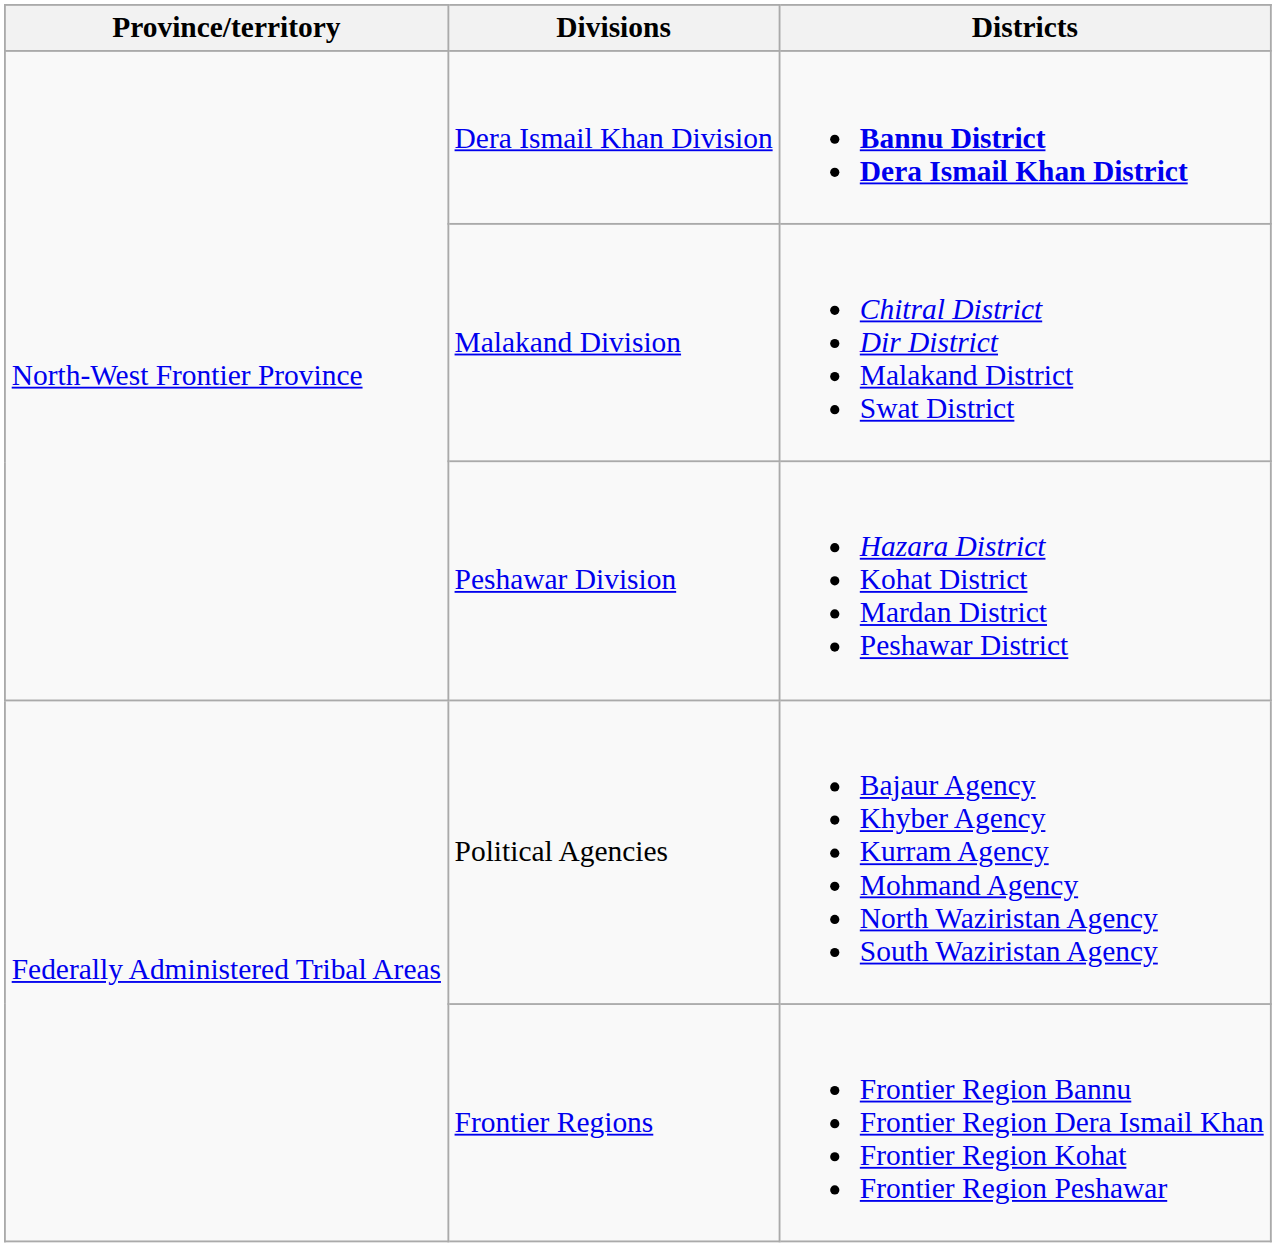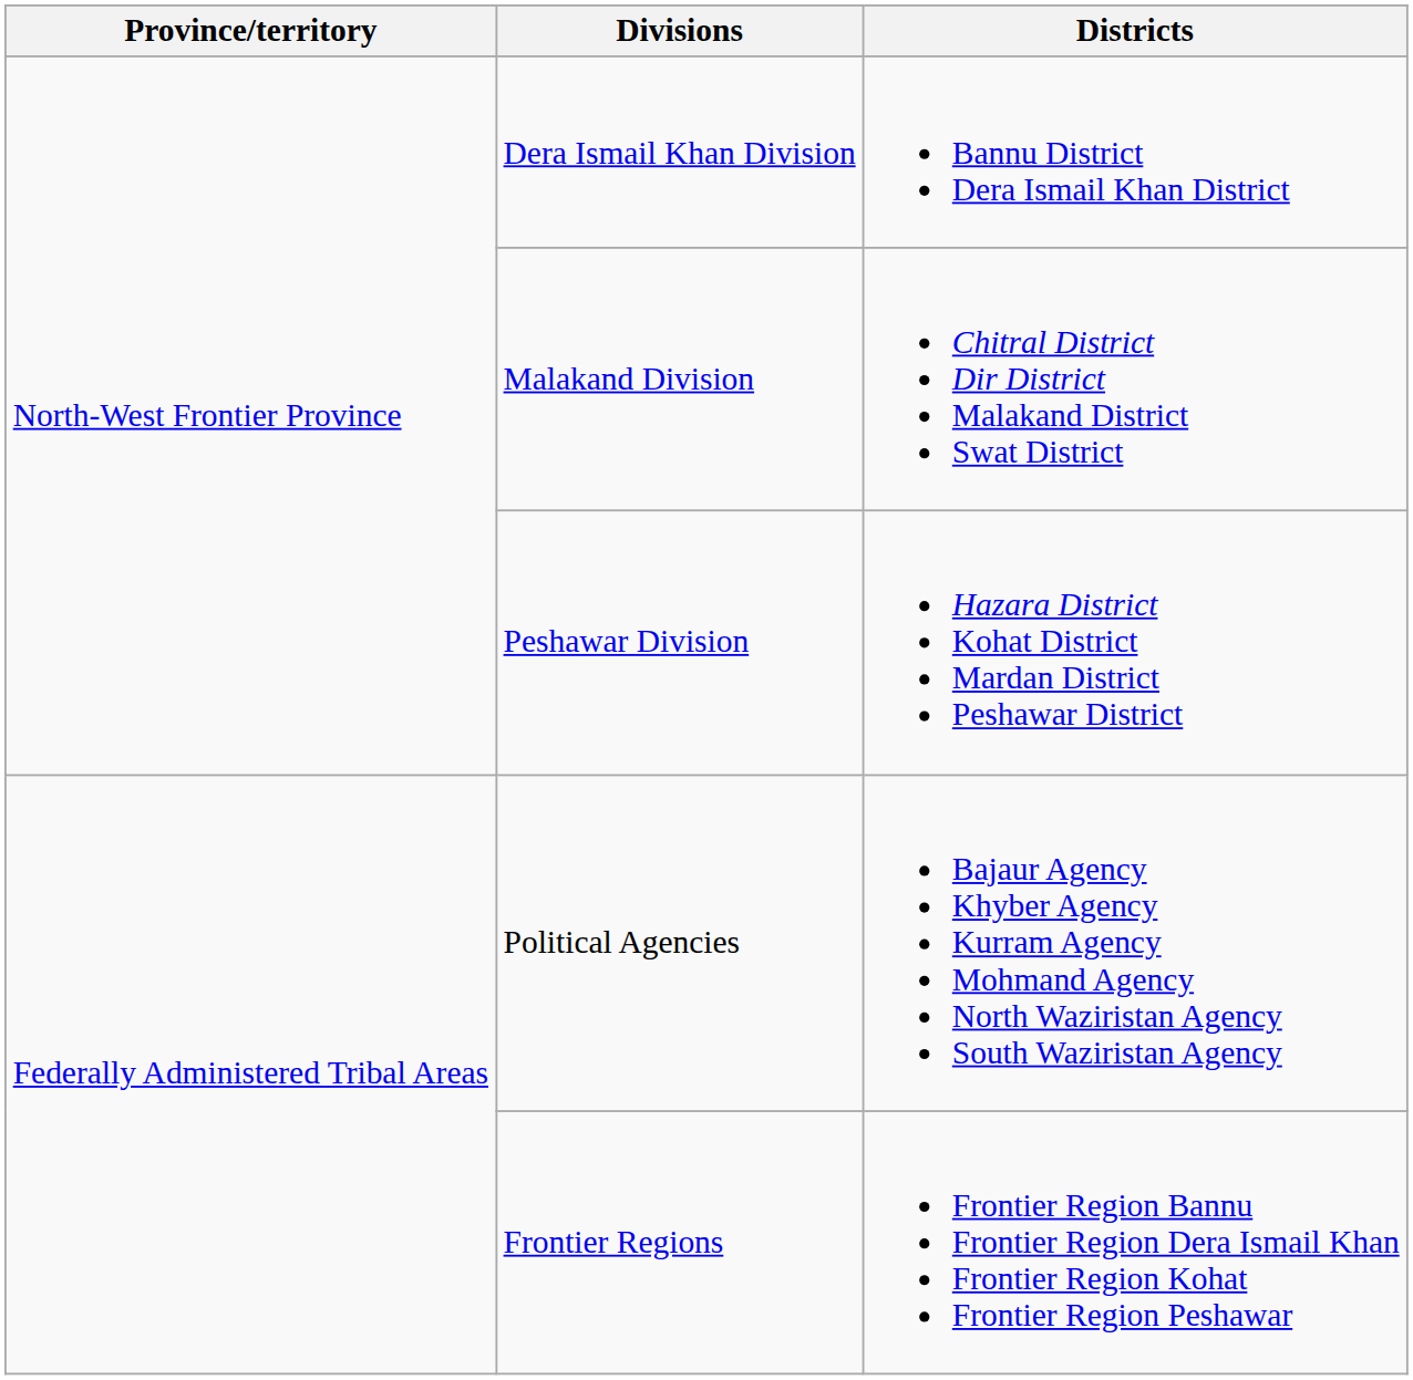 <table class="wikitable sortable">
 <tr>
 <th>Province/territory</th>
 <th>Divisions</th>
 <th>Districts</th>
 </tr>
 <tr>
 <td rowspan="3"><a href='#'>North-West Frontier Province</a></td>
 <td><a href='#'>Dera Ismail Khan Division</a></td>
-<td><strong><br><ul><li><a href='#'>Bannu District</a></li><li><a href='#'>Dera Ismail Khan District</a></li></ul></strong></td>
+<td><br><ul><li><a href='#'>Bannu District</a></li><li><a href='#'>Dera Ismail Khan District</a></li></ul></td>
 </tr>
 <tr>
 <td><a href='#'>Malakand Division</a></td>
 <td><br><ul><li><em><a href='#'>Chitral District</a></em></li><li><em><a href='#'>Dir District</a></em></li><li><a href='#'>Malakand District</a></li><li><a href='#'>Swat District</a></li></ul></td>
 </tr>
 <tr>
 <td><a href='#'>Peshawar Division</a></td>
 <td><br><ul><li><em><a href='#'>Hazara District</a></em></li><li><a href='#'>Kohat District</a></li><li><a href='#'>Mardan District</a></li><li><a href='#'>Peshawar District</a></li></ul></td>
 </tr>
 <tr>
 <td rowspan="2"><a href='#'>Federally Administered Tribal Areas</a></td>
 <td>Political Agencies</td>
 <td><br><ul><li><a href='#'>Bajaur Agency</a></li><li><a href='#'>Khyber Agency</a></li><li><a href='#'>Kurram Agency</a></li><li><a href='#'>Mohmand Agency</a></li><li><a href='#'>North Waziristan Agency</a></li><li><a href='#'>South Waziristan Agency</a></li></ul></td>
 </tr>
 <tr>
 <td><a href='#'>Frontier Regions</a></td>
 <td><br><ul><li><a href='#'>Frontier Region Bannu</a></li><li><a href='#'>Frontier Region Dera Ismail Khan</a></li><li><a href='#'>Frontier Region Kohat</a></li><li><a href='#'>Frontier Region Peshawar</a></li></ul></td>
 </tr>
 </table>
